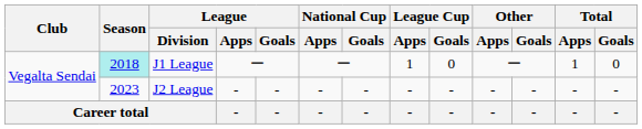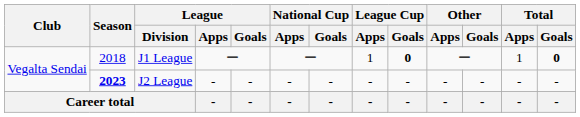 <table class="wikitable" style="text-align: center">
 <tr>
 <th rowspan="2">Club</th>
 <th rowspan="2">Season</th>
 <th colspan="3">League</th>
 <th colspan="2">National Cup</th>
 <th colspan="2">League Cup</th>
 <th colspan="2">Other</th>
 <th colspan="2">Total</th>
 </tr>
 <tr>
 <th>Division</th>
 <th>Apps</th>
 <th>Goals</th>
 <th>Apps</th>
 <th>Goals</th>
 <th>Apps</th>
 <th>Goals</th>
 <th>Apps</th>
 <th>Goals</th>
 <th>Apps</th>
 <th>Goals</th>
 </tr>
 <tr>
 <td rowspan="2"><a href='#'>Vegalta Sendai</a></td>
-<td style="background: paleturquoise;"><a href='#'>2018</a></td>
+<td><a href='#'>2018</a></td>
 <td><a href='#'>J1 League</a></td>
 <td colspan="2">ー</td>
 <td colspan="2">ー</td>
 <td>1</td>
-<td>0</td>
+<td><strong>0</strong></td>
 <td colspan="2">ー</td>
 <td>1</td>
-<td>0</td>
+<td><strong>0</strong></td>
 </tr>
 <tr>
-<td><a href='#'>2023</a></td>
+<td><strong><a href='#'>2023</a></strong></td>
 <td><a href='#'>J2 League</a></td>
 <td>-</td>
 <td>-</td>
 <td>-</td>
 <td>-</td>
 <td>-</td>
 <td>-</td>
 <td>-</td>
 <td>-</td>
 <td>-</td>
 <td>-</td>
 </tr>
 <tr>
 <th colspan="3">Career total</th>
 <th>-</th>
 <th>-</th>
 <th>-</th>
 <th>-</th>
 <th>-</th>
 <th>-</th>
 <th>-</th>
 <th>-</th>
 <th>-</th>
 <th>-</th>
 </tr>
 </table>
